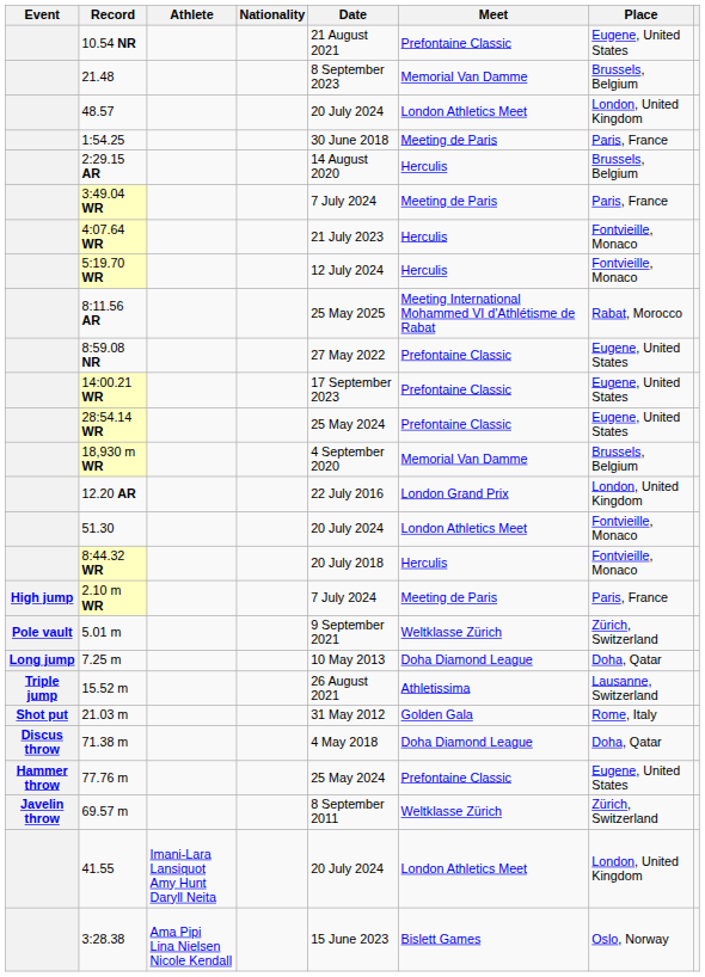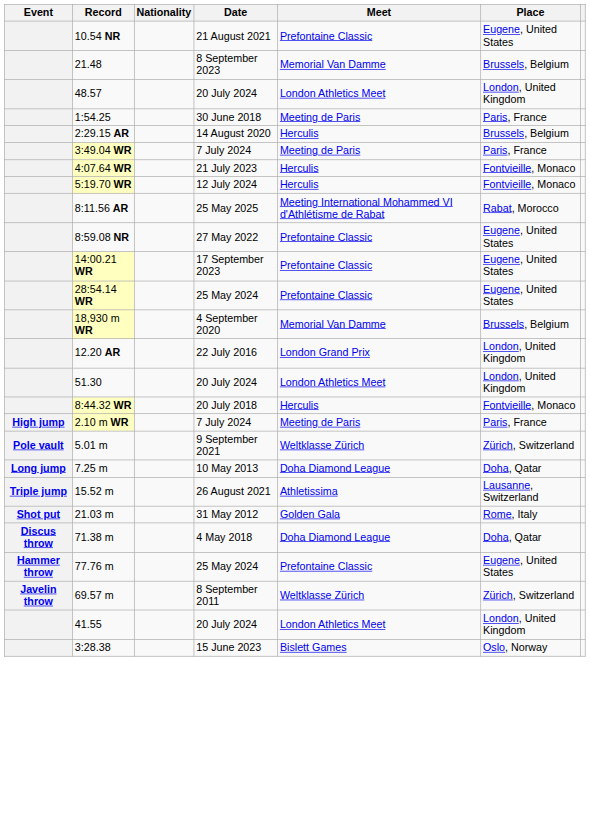 <table class="wikitable plainrowheaders sortable">
 <tr>
 <th scope="col">Event</th>
 <th scope="col">Record</th>
-<th scope="col">Athlete</th>
 <th scope="col">Nationality</th>
 <th scope="col">Date</th>
 <th scope="col">Meet</th>
 <th scope="col">Place</th>
 <th scope="col" class="unsortable"></th>
 </tr>
 <tr>
 <th scope="row"></th>
 <td>10.54  <strong>NR</strong></td>
 <td></td>
-<td></td>
 <td>21 August 2021</td>
 <td><a href='#'>Prefontaine Classic</a></td>
 <td><a href='#'>Eugene</a>, United States</td>
 <td></td>
 </tr>
 <tr>
 <th scope="row"></th>
 <td>21.48 </td>
-<td></td>
 <td></td>
 <td>8 September 2023</td>
 <td><a href='#'>Memorial Van Damme</a></td>
 <td><a href='#'>Brussels</a>, Belgium</td>
 <td></td>
 </tr>
 <tr>
 <th scope="row"></th>
 <td>48.57</td>
 <td></td>
-<td></td>
 <td>20 July 2024</td>
 <td><a href='#'>London Athletics Meet</a></td>
 <td><a href='#'>London</a>, United Kingdom</td>
 <td></td>
 </tr>
 <tr>
 <th scope="row"></th>
 <td>1:54.25</td>
-<td></td>
 <td></td>
 <td>30 June 2018</td>
 <td><a href='#'>Meeting de Paris</a></td>
 <td><a href='#'>Paris</a>, France</td>
 <td></td>
 </tr>
 <tr>
 <th scope="row"></th>
 <td>2:29.15 <strong>AR</strong></td>
 <td></td>
-<td></td>
 <td>14 August 2020</td>
 <td><a href='#'>Herculis</a></td>
 <td><a href='#'>Brussels</a>, Belgium</td>
 <td></td>
 </tr>
 <tr>
 <th scope="row"></th>
 <td style="background:#ffffbf;">3:49.04 <strong>WR</strong></td>
-<td></td>
 <td></td>
 <td>7 July 2024</td>
 <td><a href='#'>Meeting de Paris</a></td>
 <td><a href='#'>Paris</a>, France</td>
 <td></td>
 </tr>
 <tr>
 <th scope="row"></th>
 <td style="background:#ffffbf;">4:07.64 <strong>WR</strong></td>
 <td></td>
-<td></td>
 <td>21 July 2023</td>
 <td><a href='#'>Herculis</a></td>
 <td><a href='#'>Fontvieille</a>, Monaco</td>
 <td></td>
 </tr>
 <tr>
 <th scope="row"></th>
 <td style="background:#ffffbf;">5:19.70 <strong>WR</strong></td>
-<td></td>
 <td></td>
 <td>12 July 2024</td>
 <td><a href='#'>Herculis</a></td>
 <td><a href='#'>Fontvieille</a>, Monaco</td>
 <td></td>
 </tr>
 <tr>
 <th scope="row"></th>
 <td>8:11.56 <strong>AR</strong></td>
 <td></td>
-<td></td>
 <td>25 May 2025</td>
 <td><a href='#'>Meeting International Mohammed VI d'Athlétisme de Rabat</a></td>
 <td><a href='#'>Rabat</a>, Morocco</td>
 <td></td>
 </tr>
 <tr>
 <th scope="row"></th>
 <td>8:59.08 <strong>NR</strong></td>
-<td></td>
 <td></td>
 <td>27 May 2022</td>
 <td><a href='#'>Prefontaine Classic</a></td>
 <td><a href='#'>Eugene</a>, United States</td>
 <td></td>
 </tr>
 <tr>
 <th scope="row"></th>
 <td style="background:#ffffbf;">14:00.21 <strong>WR</strong></td>
 <td></td>
-<td></td>
 <td>17 September 2023</td>
 <td><a href='#'>Prefontaine Classic</a></td>
 <td><a href='#'>Eugene</a>, United States</td>
 <td></td>
 </tr>
 <tr>
 <th scope="row"></th>
 <td style="background:#ffffbf;">28:54.14 <strong>WR</strong></td>
-<td></td>
 <td></td>
 <td>25 May 2024</td>
 <td><a href='#'>Prefontaine Classic</a></td>
 <td><a href='#'>Eugene</a>, United States</td>
 <td></td>
 </tr>
 <tr>
 <th scope="row"></th>
 <td style="background:#ffffbf;">18,930 m <strong>WR</strong></td>
 <td></td>
-<td></td>
 <td>4 September 2020</td>
 <td><a href='#'>Memorial Van Damme</a></td>
 <td><a href='#'>Brussels</a>, Belgium</td>
 <td></td>
 </tr>
 <tr>
 <th scope="row"></th>
 <td>12.20  <strong>AR</strong></td>
-<td></td>
 <td></td>
 <td>22 July 2016</td>
 <td><a href='#'>London Grand Prix</a></td>
 <td><a href='#'>London</a>, United Kingdom</td>
 <td></td>
 </tr>
 <tr>
 <th scope="row"></th>
 <td>51.30</td>
 <td></td>
-<td></td>
 <td>20 July 2024</td>
 <td><a href='#'>London Athletics Meet</a></td>
-<td><a href='#'>Fontvieille</a>, Monaco</td>
+<td><a href='#'>London</a>, United Kingdom</td>
 <td></td>
 </tr>
 <tr>
 <th scope="row"></th>
 <td style="background:#ffffbf;">8:44.32 <strong>WR</strong></td>
-<td></td>
 <td></td>
 <td>20 July 2018</td>
 <td><a href='#'>Herculis</a></td>
 <td><a href='#'>Fontvieille</a>, Monaco</td>
 <td></td>
 </tr>
 <tr>
 <th scope="row"><a href='#'>High jump</a></th>
 <td style="background:#ffffbf;">2.10 m <strong>WR</strong></td>
 <td></td>
-<td></td>
 <td>7 July 2024</td>
 <td><a href='#'>Meeting de Paris</a></td>
 <td><a href='#'>Paris</a>, France</td>
 <td></td>
 </tr>
 <tr>
 <th scope="row"><a href='#'>Pole vault</a></th>
 <td>5.01 m</td>
-<td></td>
 <td></td>
 <td>9 September 2021</td>
 <td><a href='#'>Weltklasse Zürich</a></td>
 <td><a href='#'>Zürich</a>, Switzerland</td>
 <td></td>
 </tr>
 <tr>
 <th scope="row"><a href='#'>Long jump</a></th>
 <td>7.25 m </td>
 <td></td>
-<td></td>
 <td>10 May 2013</td>
 <td><a href='#'>Doha Diamond League</a></td>
 <td><a href='#'>Doha</a>, Qatar</td>
 <td></td>
 </tr>
 <tr>
 <th scope="row"><a href='#'>Triple jump</a></th>
 <td>15.52 m </td>
-<td></td>
 <td></td>
 <td>26 August 2021</td>
 <td><a href='#'>Athletissima</a></td>
 <td><a href='#'>Lausanne</a>, Switzerland</td>
 <td></td>
 </tr>
 <tr>
 <th scope="row"><a href='#'>Shot put</a></th>
 <td>21.03 m</td>
 <td></td>
-<td></td>
 <td>31 May 2012</td>
 <td><a href='#'>Golden Gala</a></td>
 <td><a href='#'>Rome</a>, Italy</td>
 <td></td>
 </tr>
 <tr>
 <th scope="row"><a href='#'>Discus throw</a></th>
 <td>71.38 m</td>
-<td></td>
 <td></td>
 <td>4 May 2018</td>
 <td><a href='#'>Doha Diamond League</a></td>
 <td><a href='#'>Doha</a>, Qatar</td>
 <td></td>
 </tr>
 <tr>
 <th scope="row"><a href='#'>Hammer throw</a></th>
 <td>77.76 m</td>
 <td></td>
-<td></td>
 <td>25 May 2024</td>
 <td><a href='#'>Prefontaine Classic</a></td>
 <td><a href='#'>Eugene</a>, United States</td>
 <td></td>
 </tr>
 <tr>
 <th scope="row"><a href='#'>Javelin throw</a></th>
 <td>69.57 m</td>
 <td></td>
-<td></td>
 <td>8 September 2011</td>
 <td><a href='#'>Weltklasse Zürich</a></td>
 <td><a href='#'>Zürich</a>, Switzerland</td>
 <td></td>
 </tr>
 <tr>
 <th scope="row"></th>
 <td>41.55</td>
-<td><br><a href='#'>Imani-Lara Lansiquot</a><br><a href='#'>Amy Hunt</a><br><a href='#'>Daryll Neita</a></td>
 <td></td>
 <td>20 July 2024</td>
 <td><a href='#'>London Athletics Meet</a></td>
 <td><a href='#'>London</a>, United Kingdom</td>
 <td></td>
 </tr>
 <tr>
 <th scope="row"></th>
 <td>3:28.38</td>
-<td><br><a href='#'>Ama Pipi</a><br><a href='#'>Lina Nielsen</a><br><a href='#'>Nicole Kendall</a></td>
 <td></td>
 <td>15 June 2023</td>
 <td><a href='#'>Bislett Games</a></td>
 <td><a href='#'>Oslo</a>, Norway</td>
 <td></td>
 </tr>
 </table>
